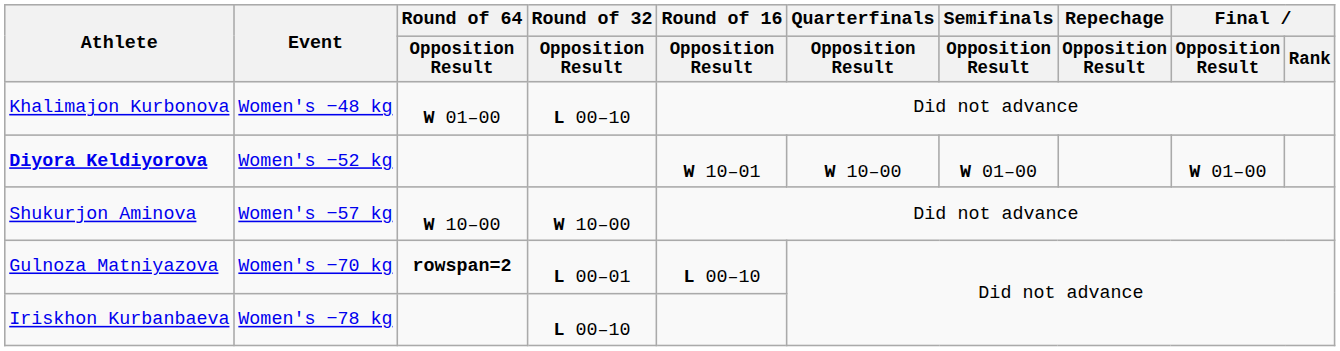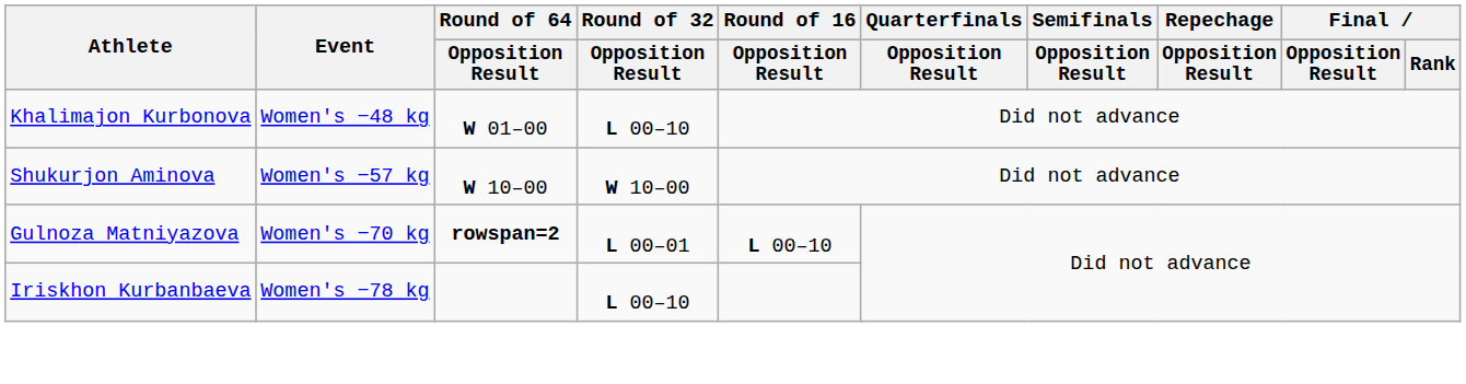 <table class=wikitable style=font-size:90%;text-align:center>
 <tr>
 <th rowspan=2>Athlete</th>
 <th rowspan=2>Event</th>
 <th>Round of 64</th>
 <th>Round of 32</th>
 <th>Round of 16</th>
 <th>Quarterfinals</th>
 <th>Semifinals</th>
 <th>Repechage</th>
 <th colspan=2>Final / </th>
 </tr>
 <tr style=font-size:95%>
 <th>Opposition<br>Result</th>
 <th>Opposition<br>Result</th>
 <th>Opposition<br>Result</th>
 <th>Opposition<br>Result</th>
 <th>Opposition<br>Result</th>
 <th>Opposition<br>Result</th>
 <th>Opposition<br>Result</th>
 <th>Rank</th>
 </tr>
 <tr align=center>
 <td align=left><a href='#'>Khalimajon Kurbonova</a></td>
 <td align=left><a href='#'>Women's −48 kg</a></td>
 <td><br><strong>W</strong> 01–00</td>
 <td><br><strong>L</strong> 00–10</td>
 <td colspan=6>Did not advance</td>
 </tr>
 <tr align=center>
-<td align=left><strong><a href='#'>Diyora Keldiyorova</a></strong></td>
-<td align=left><a href='#'>Women's −52 kg</a></td>
-<td></td>
-<td></td>
-<td><br><strong>W</strong> 10–01</td>
-<td><br><strong>W</strong> 10–00</td>
-<td><br><strong>W</strong> 01–00</td>
-<td></td>
-<td><br><strong>W</strong> 01–00</td>
-<td></td>
-</tr>
-<tr align=center>
 <td align=left><a href='#'>Shukurjon Aminova</a></td>
 <td align=left><a href='#'>Women's −57 kg</a></td>
 <td><br><strong>W</strong> 10–00</td>
 <td><br><strong>W</strong> 10–00</td>
 <td colspan=6>Did not advance</td>
 </tr>
 <tr align=center>
 <td align=left><a href='#'>Gulnoza Matniyazova</a></td>
 <td align=left><a href='#'>Women's −70 kg</a></td>
 <td><strong>rowspan=2 </strong></td>
 <td><br><strong>L</strong> 00–01</td>
 <td><br><strong>L</strong> 00–10</td>
 <td colspan=5 rowspan=2>Did not advance</td>
 </tr>
 <tr align=center>
 <td align=left><a href='#'>Iriskhon Kurbanbaeva</a></td>
 <td align=left><a href='#'>Women's −78 kg</a></td>
 <td></td>
 <td><br><strong>L</strong> 00–10</td>
 </tr>
 </table>
